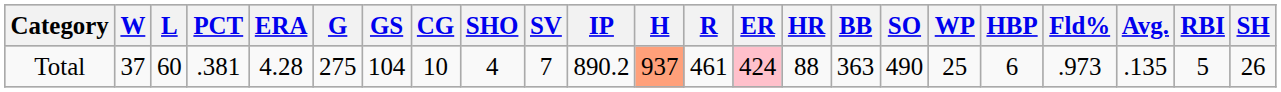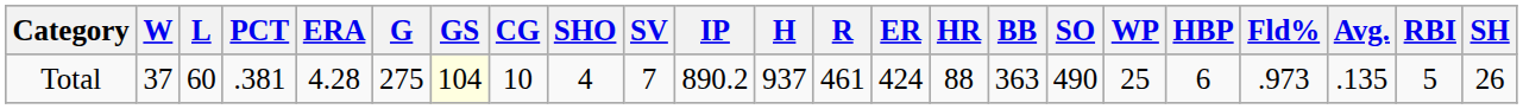 <table class="wikitable" style="font-size: 95%; text-align:center;">
 <tr>
 <th>Category</th>
 <th><a href='#'>W</a></th>
 <th><a href='#'>L</a></th>
 <th><a href='#'>PCT</a></th>
 <th><a href='#'>ERA</a></th>
 <th><a href='#'>G</a></th>
 <th><a href='#'>GS</a></th>
 <th><a href='#'>CG</a></th>
 <th><a href='#'>SHO</a></th>
 <th><a href='#'>SV</a></th>
 <th><a href='#'>IP</a></th>
 <th><a href='#'>H</a></th>
 <th><a href='#'>R</a></th>
 <th><a href='#'>ER</a></th>
 <th><a href='#'>HR</a></th>
 <th><a href='#'>BB</a></th>
 <th><a href='#'>SO</a></th>
 <th><a href='#'>WP</a></th>
 <th><a href='#'>HBP</a></th>
 <th><a href='#'>Fld%</a></th>
 <th><a href='#'>Avg.</a></th>
 <th><a href='#'>RBI</a></th>
 <th><a href='#'>SH</a></th>
 </tr>
 <tr>
 <td>Total</td>
 <td>37</td>
 <td>60</td>
 <td>.381</td>
 <td>4.28</td>
 <td>275</td>
-<td>104</td>
+<td style="background: lightyellow;">104</td>
 <td>10</td>
 <td>4</td>
 <td>7</td>
 <td>890.2</td>
-<td style="background: lightsalmon;">937</td>
+<td>937</td>
 <td>461</td>
-<td style="background: pink;">424</td>
+<td>424</td>
 <td>88</td>
 <td>363</td>
 <td>490</td>
 <td>25</td>
 <td>6</td>
 <td>.973</td>
 <td>.135</td>
 <td>5</td>
 <td>26</td>
 </tr>
 </table>
